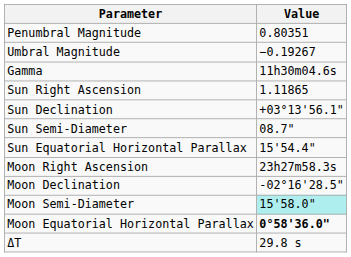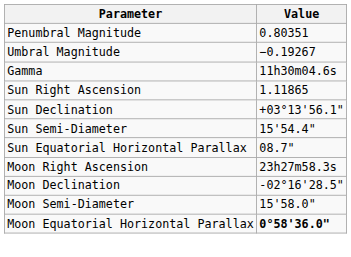 <table class="wikitable">
 <tr>
 <th>Parameter</th>
 <th>Value</th>
 </tr>
 <tr>
 <td>Penumbral Magnitude</td>
 <td>0.80351</td>
 </tr>
 <tr>
 <td>Umbral Magnitude</td>
 <td>−0.19267</td>
 </tr>
 <tr>
 <td>Gamma</td>
 <td>11h30m04.6s</td>
 </tr>
 <tr>
 <td>Sun Right Ascension</td>
 <td>1.11865</td>
 </tr>
 <tr>
 <td>Sun Declination</td>
 <td>+03°13'56.1"</td>
 </tr>
 <tr>
 <td>Sun Semi-Diameter</td>
-<td>08.7"</td>
+<td>15'54.4"</td>
 </tr>
 <tr>
 <td>Sun Equatorial Horizontal Parallax</td>
-<td>15'54.4"</td>
+<td>08.7"</td>
 </tr>
 <tr>
 <td>Moon Right Ascension</td>
 <td>23h27m58.3s</td>
 </tr>
 <tr>
 <td>Moon Declination</td>
 <td>-02°16'28.5"</td>
 </tr>
 <tr>
 <td>Moon Semi-Diameter</td>
-<td style="background: paleturquoise;">15'58.0"</td>
+<td>15'58.0"</td>
 </tr>
 <tr>
 <td>Moon Equatorial Horizontal Parallax</td>
 <td><strong>0°58'36.0"</strong></td>
 </tr>
-<tr>
-<td>ΔT</td>
-<td>29.8 s</td>
-</tr>
 </table>
